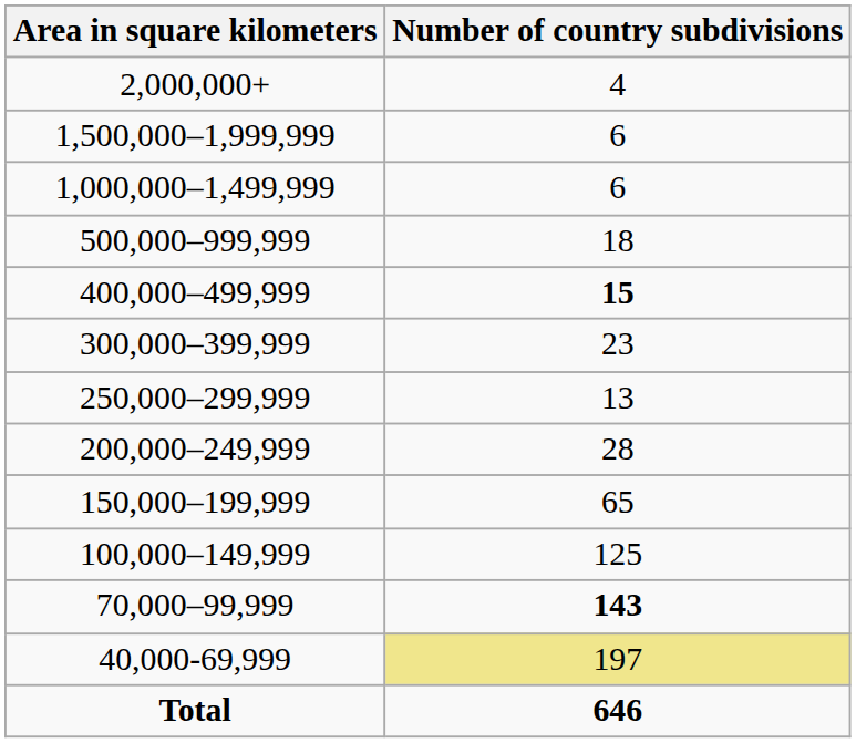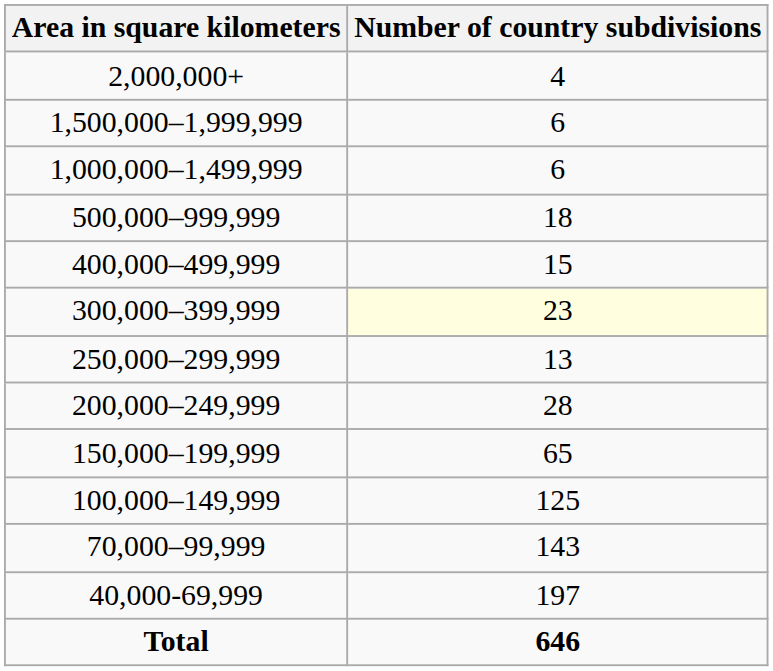 <table class="wikitable" style="text-align:center">
 <tr>
 <th>Area in square kilometers</th>
 <th>Number of country subdivisions</th>
 </tr>
 <tr>
 <td>2,000,000+</td>
 <td>4</td>
 </tr>
 <tr>
 <td>1,500,000–1,999,999</td>
 <td>6</td>
 </tr>
 <tr>
 <td>1,000,000–1,499,999</td>
 <td>6</td>
 </tr>
 <tr>
 <td>500,000–999,999</td>
 <td>18</td>
 </tr>
 <tr>
 <td>400,000–499,999</td>
-<td><strong>15</strong></td>
+<td>15</td>
 </tr>
 <tr>
 <td>300,000–399,999</td>
-<td>23</td>
+<td style="background: lightyellow;">23</td>
 </tr>
 <tr>
 <td>250,000–299,999</td>
 <td>13</td>
 </tr>
 <tr>
 <td>200,000–249,999</td>
 <td>28</td>
 </tr>
 <tr>
 <td>150,000–199,999</td>
 <td>65</td>
 </tr>
 <tr>
 <td>100,000–149,999</td>
 <td>125</td>
 </tr>
 <tr>
 <td>70,000–99,999</td>
-<td><strong>143</strong></td>
+<td>143</td>
 </tr>
 <tr>
 <td>40,000-69,999</td>
-<td style="background: khaki;">197</td>
+<td>197</td>
 </tr>
 <tr>
 <td><strong>Total</strong></td>
 <td><strong>646</strong></td>
 </tr>
 </table>
